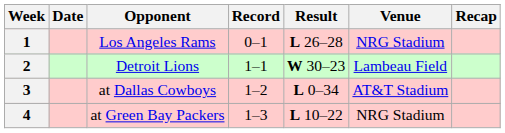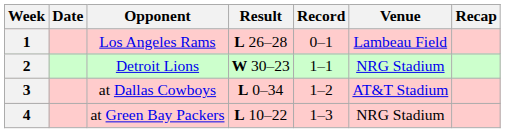 <table class="wikitable" style="text-align:center">
 <tr>
 <th>Week</th>
 <th>Date</th>
 <th>Opponent</th>
+<th>Result</th>
 <th>Record</th>
-<th>Result</th>
 <th>Venue</th>
 <th>Recap</th>
 </tr>
 <tr style="background:#fcc">
 <th>1</th>
 <td></td>
 <td><a href='#'>Los Angeles Rams</a></td>
+<td><strong>L</strong> 26–28</td>
 <td>0–1</td>
-<td><strong>L</strong> 26–28</td>
-<td><a href='#'>NRG Stadium</a></td>
+<td><a href='#'>Lambeau Field</a></td>
 <td></td>
 </tr>
 <tr style="background:#cfc">
 <th>2</th>
 <td></td>
 <td><a href='#'>Detroit Lions</a></td>
+<td><strong>W</strong> 30–23</td>
 <td>1–1</td>
-<td><strong>W</strong> 30–23</td>
-<td><a href='#'>Lambeau Field</a></td>
+<td><a href='#'>NRG Stadium</a></td>
 <td></td>
 </tr>
 <tr style="background:#fcc">
 <th>3</th>
 <td></td>
 <td>at <a href='#'>Dallas Cowboys</a></td>
+<td><strong>L</strong> 0–34</td>
 <td>1–2</td>
-<td><strong>L</strong> 0–34</td>
 <td><a href='#'>AT&T Stadium</a></td>
 <td></td>
 </tr>
 <tr style="background:#fcc">
 <th>4</th>
 <td></td>
 <td>at <a href='#'>Green Bay Packers</a></td>
+<td><strong>L</strong> 10–22</td>
 <td>1–3</td>
-<td><strong>L</strong> 10–22</td>
 <td>NRG Stadium</td>
 <td></td>
 </tr>
 </table>
